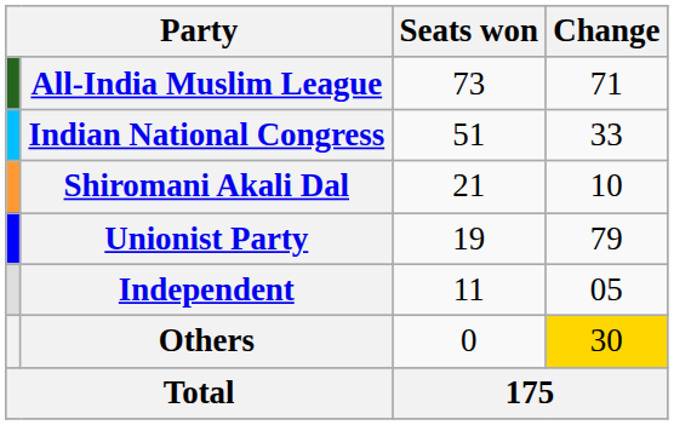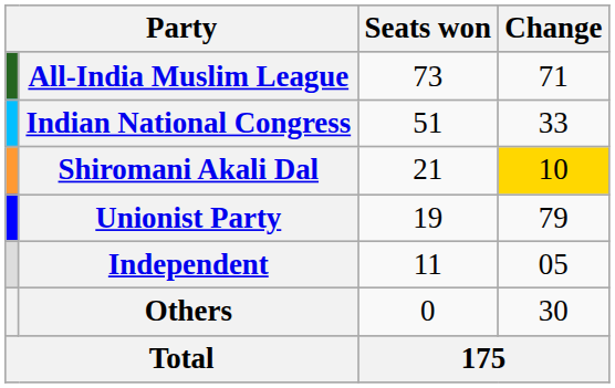 <table class="wikitable" style="text-align:center">
 <tr>
 <th colspan=2>Party</th>
 <th>Seats won</th>
 <th>Change</th>
 </tr>
 <tr>
 <td bgcolor=#256520></td>
 <th><a href='#'>All-India Muslim League</a></th>
 <td>73</td>
 <td> 71</td>
 </tr>
 <tr>
 <td bgcolor=#00BFFF></td>
 <th><a href='#'>Indian National Congress</a></th>
 <td>51</td>
 <td> 33</td>
 </tr>
 <tr>
 <td bgcolor=#FF9933></td>
 <th><a href='#'>Shiromani Akali Dal</a></th>
 <td>21</td>
-<td> 10</td>
+<td style="background: gold;"> 10</td>
 </tr>
 <tr>
 <td bgcolor=blue></td>
 <th><a href='#'>Unionist Party</a></th>
 <td>19</td>
 <td> 79</td>
 </tr>
 <tr>
 <td bgcolor=#DDDDDD></td>
 <th><a href='#'>Independent</a></th>
 <td>11</td>
 <td> 05</td>
 </tr>
 <tr>
 <th></th>
 <th>Others</th>
 <td>0</td>
-<td style="background: gold;"> 30</td>
+<td> 30</td>
 </tr>
 <tr>
 <th colspan=2>Total</th>
 <th colspan=2>175</th>
 </tr>
 </table>
